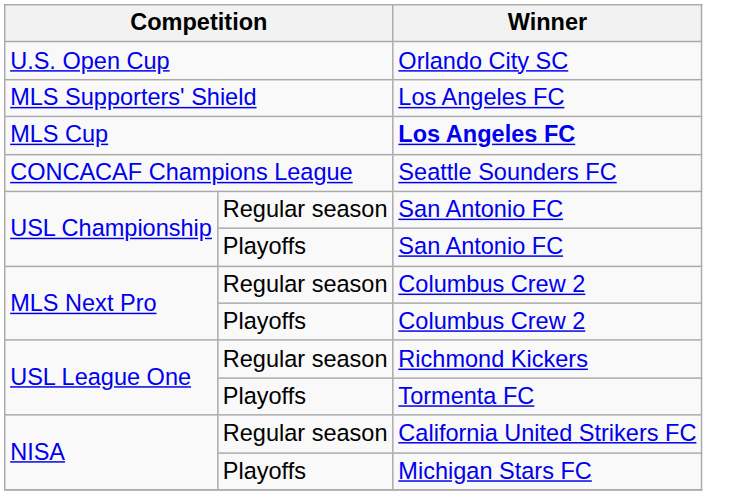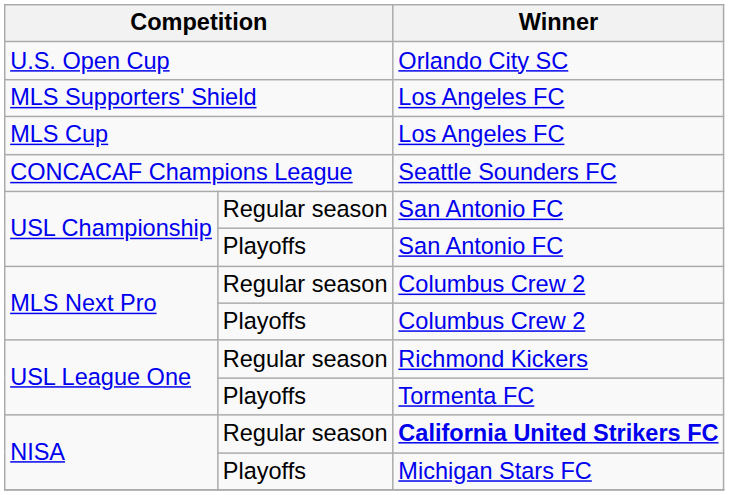 <table class="wikitable">
 <tr>
 <th colspan=2>Competition</th>
 <th>Winner</th>
 </tr>
 <tr>
 <td colspan=2><a href='#'>U.S. Open Cup</a></td>
 <td><a href='#'>Orlando City SC</a></td>
 </tr>
 <tr>
 <td colspan=2><a href='#'>MLS Supporters' Shield</a></td>
 <td><a href='#'>Los Angeles FC</a></td>
 </tr>
 <tr>
 <td colspan=2><a href='#'>MLS Cup</a></td>
-<td><strong><a href='#'>Los Angeles FC</a></strong></td>
+<td><a href='#'>Los Angeles FC</a></td>
 </tr>
 <tr>
 <td colspan=2><a href='#'>CONCACAF Champions League</a></td>
 <td><a href='#'>Seattle Sounders FC</a></td>
 </tr>
 <tr>
 <td rowspan=2><a href='#'>USL Championship</a></td>
 <td>Regular season</td>
 <td><a href='#'>San Antonio FC</a></td>
 </tr>
 <tr>
 <td>Playoffs</td>
 <td><a href='#'>San Antonio FC</a></td>
 </tr>
 <tr>
 <td rowspan=2><a href='#'>MLS Next Pro</a></td>
 <td>Regular season</td>
 <td><a href='#'>Columbus Crew 2</a></td>
 </tr>
 <tr>
 <td>Playoffs</td>
 <td><a href='#'>Columbus Crew 2</a></td>
 </tr>
 <tr>
 <td rowspan=2><a href='#'>USL League One</a></td>
 <td>Regular season</td>
 <td><a href='#'>Richmond Kickers</a></td>
 </tr>
 <tr>
 <td>Playoffs</td>
 <td><a href='#'>Tormenta FC</a></td>
 </tr>
 <tr>
 <td rowspan=2><a href='#'>NISA</a></td>
 <td>Regular season</td>
-<td><a href='#'>California United Strikers FC</a></td>
+<td><strong><a href='#'>California United Strikers FC</a></strong></td>
 </tr>
 <tr>
 <td>Playoffs</td>
 <td><a href='#'>Michigan Stars FC</a></td>
 </tr>
 <tr>
 </tr>
 </table>
